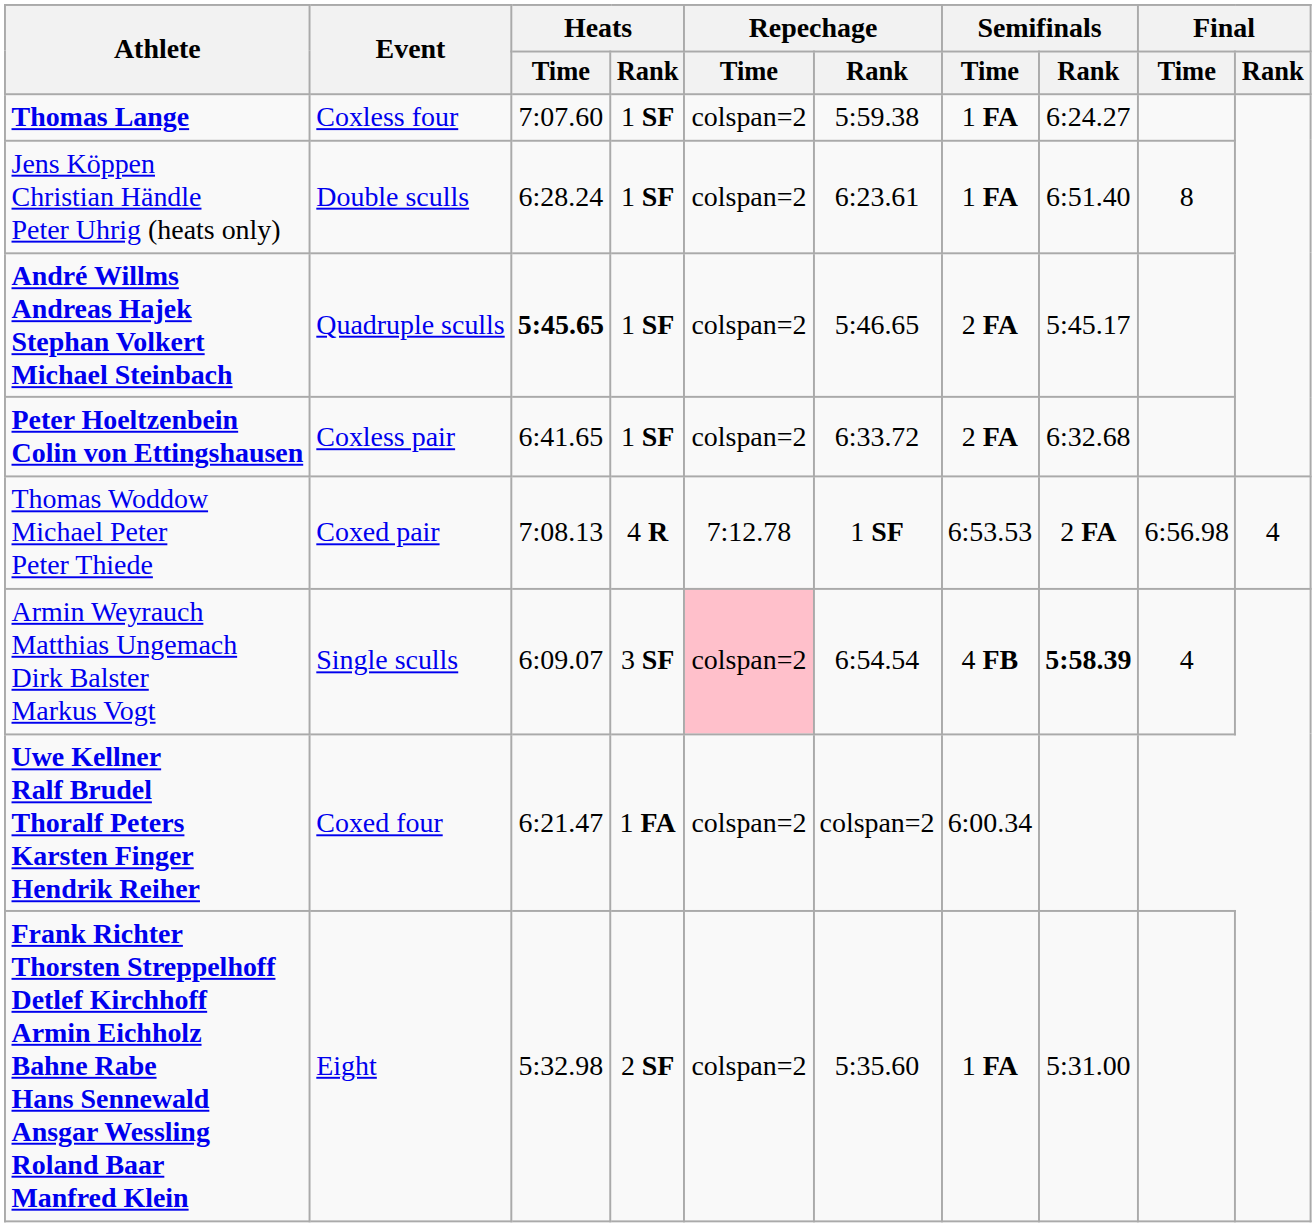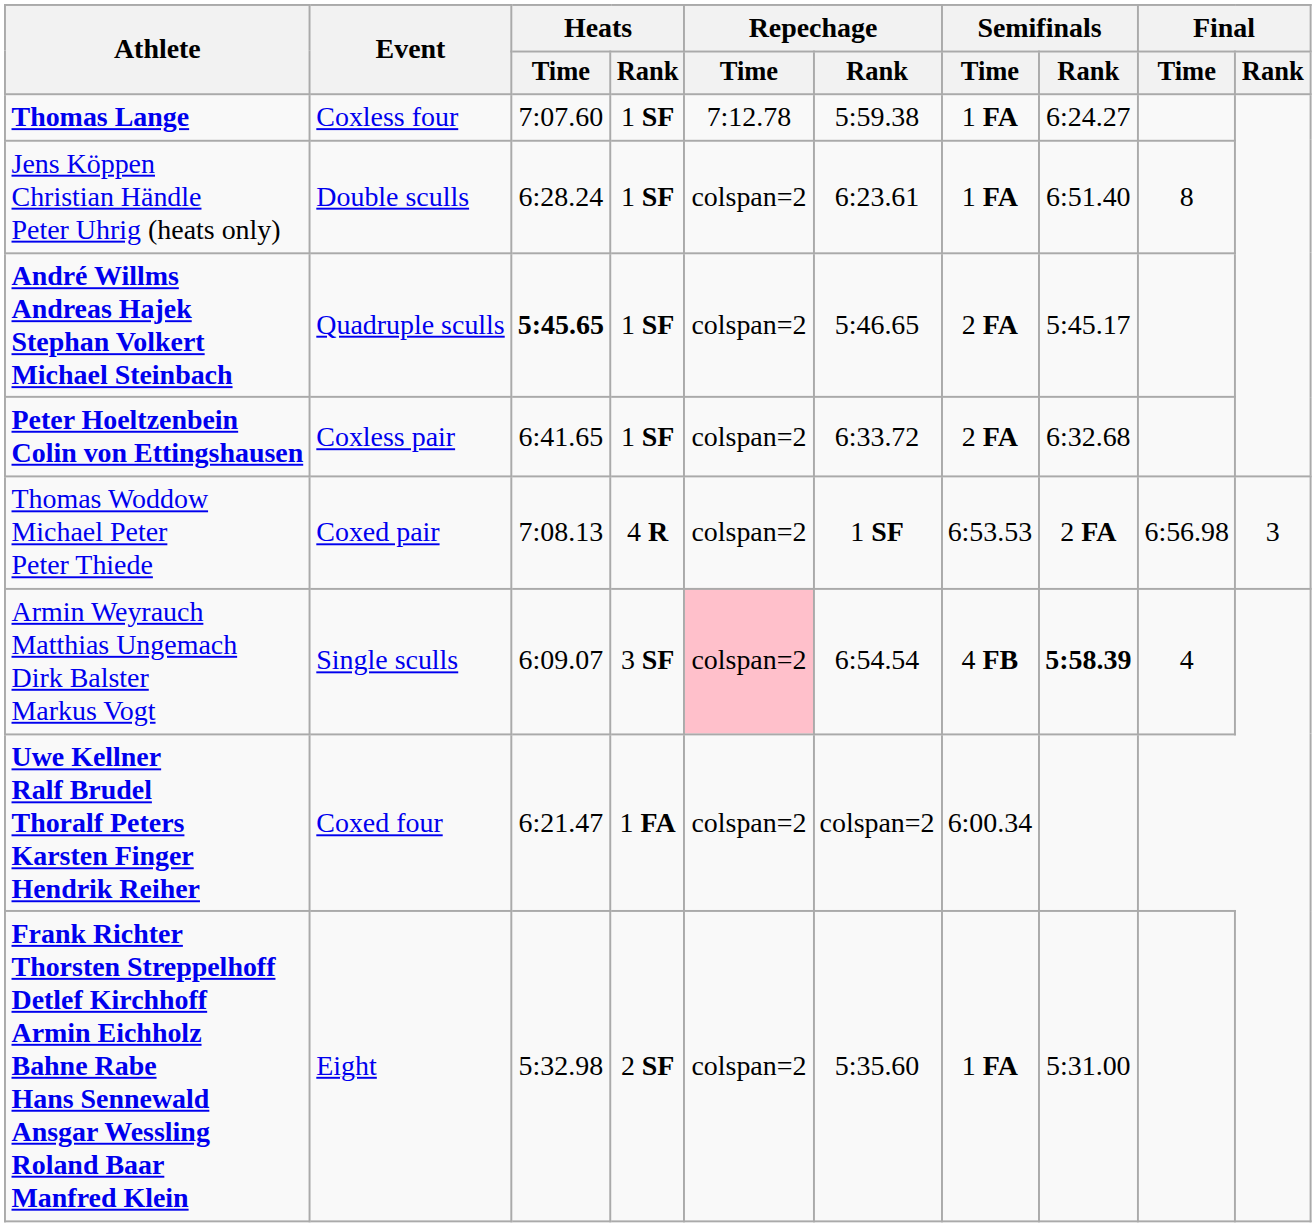 <table class="wikitable" style="font-size:90%">
 <tr>
 <th rowspan="2">Athlete</th>
 <th rowspan="2">Event</th>
 <th colspan="2">Heats</th>
 <th colspan="2">Repechage</th>
 <th colspan="2">Semifinals</th>
 <th colspan="2">Final</th>
 </tr>
 <tr style="font-size:95%">
 <th>Time</th>
 <th>Rank</th>
 <th>Time</th>
 <th>Rank</th>
 <th>Time</th>
 <th>Rank</th>
 <th>Time</th>
 <th>Rank</th>
 </tr>
 <tr align=center>
 <td align=left><strong><a href='#'>Thomas Lange</a></strong></td>
 <td align=left><a href='#'>Coxless four</a></td>
 <td>7:07.60</td>
 <td>1 <strong>SF</strong></td>
-<td>colspan=2</td>
+<td>7:12.78</td>
 <td>5:59.38</td>
 <td>1 <strong>FA</strong></td>
 <td>6:24.27</td>
 <td></td>
 </tr>
 <tr align=center>
 <td align=left><a href='#'>Jens Köppen</a><br><a href='#'>Christian Händle</a><br><a href='#'>Peter Uhrig</a> (heats only)</td>
 <td align=left><a href='#'>Double sculls</a></td>
 <td>6:28.24</td>
 <td>1 <strong>SF</strong></td>
 <td>colspan=2</td>
 <td>6:23.61</td>
 <td>1 <strong>FA</strong></td>
 <td>6:51.40</td>
 <td>8</td>
 </tr>
 <tr align=center>
 <td align=left><strong><a href='#'>André Willms</a><br><a href='#'>Andreas Hajek</a><br><a href='#'>Stephan Volkert</a><br><a href='#'>Michael Steinbach</a></strong></td>
 <td align=left><a href='#'>Quadruple sculls</a></td>
 <td><strong>5:45.65</strong></td>
 <td>1 <strong>SF</strong></td>
 <td>colspan=2</td>
 <td>5:46.65</td>
 <td>2 <strong>FA</strong></td>
 <td>5:45.17</td>
 <td></td>
 </tr>
 <tr align=center>
 <td align=left><strong><a href='#'>Peter Hoeltzenbein</a><br><a href='#'>Colin von Ettingshausen</a></strong></td>
 <td align=left><a href='#'>Coxless pair</a></td>
 <td>6:41.65</td>
 <td>1 <strong>SF</strong></td>
 <td>colspan=2</td>
 <td>6:33.72</td>
 <td>2 <strong>FA</strong></td>
 <td>6:32.68</td>
 <td></td>
 </tr>
 <tr align=center>
 <td align=left><a href='#'>Thomas Woddow</a><br><a href='#'>Michael Peter</a><br><a href='#'>Peter Thiede</a></td>
 <td align=left><a href='#'>Coxed pair</a></td>
 <td>7:08.13</td>
 <td>4 <strong>R</strong></td>
-<td>7:12.78</td>
+<td>colspan=2</td>
 <td>1 <strong>SF</strong></td>
 <td>6:53.53</td>
 <td>2 <strong>FA</strong></td>
 <td>6:56.98</td>
-<td>4</td>
+<td>3</td>
 </tr>
 <tr align=center>
 <td align=left><a href='#'>Armin Weyrauch</a><br><a href='#'>Matthias Ungemach</a><br><a href='#'>Dirk Balster</a><br><a href='#'>Markus Vogt</a></td>
 <td align=left><a href='#'>Single sculls</a></td>
 <td>6:09.07</td>
 <td>3 <strong>SF</strong></td>
 <td style="background: pink;">colspan=2</td>
 <td>6:54.54</td>
 <td>4 <strong>FB</strong></td>
 <td><strong>5:58.39</strong></td>
 <td>4</td>
 </tr>
 <tr align=center>
 <td align=left><strong><a href='#'>Uwe Kellner</a><br><a href='#'>Ralf Brudel</a><br><a href='#'>Thoralf Peters</a><br><a href='#'>Karsten Finger</a><br><a href='#'>Hendrik Reiher</a></strong></td>
 <td align=left><a href='#'>Coxed four</a></td>
 <td>6:21.47</td>
 <td>1 <strong>FA</strong></td>
 <td>colspan=2</td>
 <td>colspan=2</td>
 <td>6:00.34</td>
 <td></td>
 </tr>
 <tr align=center>
 <td align=left><strong><a href='#'>Frank Richter</a><br><a href='#'>Thorsten Streppelhoff</a><br><a href='#'>Detlef Kirchhoff</a><br><a href='#'>Armin Eichholz</a><br><a href='#'>Bahne Rabe</a><br><a href='#'>Hans Sennewald</a><br><a href='#'>Ansgar Wessling</a><br><a href='#'>Roland Baar</a><br><a href='#'>Manfred Klein</a></strong></td>
 <td align=left><a href='#'>Eight</a></td>
 <td>5:32.98</td>
 <td>2 <strong>SF</strong></td>
 <td>colspan=2</td>
 <td>5:35.60</td>
 <td>1 <strong>FA</strong></td>
 <td>5:31.00</td>
 <td></td>
 </tr>
 </table>
